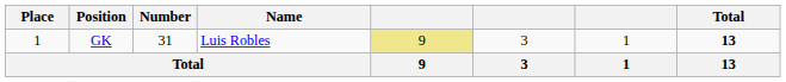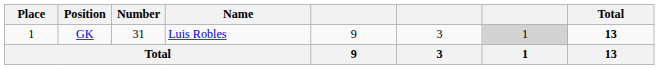 <table class="wikitable" style="font-size: 95%; text-align: center">
 <tr>
 <th width=60>Place</th>
 <th width=60>Position</th>
 <th width=60>Number</th>
 <th width=175>Name</th>
 <th width=100></th>
 <th width=100></th>
 <th width=100></th>
 <th width=100><strong>Total</strong></th>
 </tr>
 <tr>
 <td>1</td>
 <td><a href='#'>GK</a></td>
 <td>31</td>
 <td align="left"> <a href='#'>Luis Robles</a></td>
-<td style="background: khaki;">9</td>
+<td>9</td>
 <td>3</td>
-<td>1</td>
+<td style="background: lightgrey;">1</td>
 <td><strong>13</strong></td>
 </tr>
 <tr>
 <th colspan="4">Total</th>
 <th>9</th>
 <th>3</th>
 <th>1</th>
 <th>13</th>
 </tr>
 </table>
